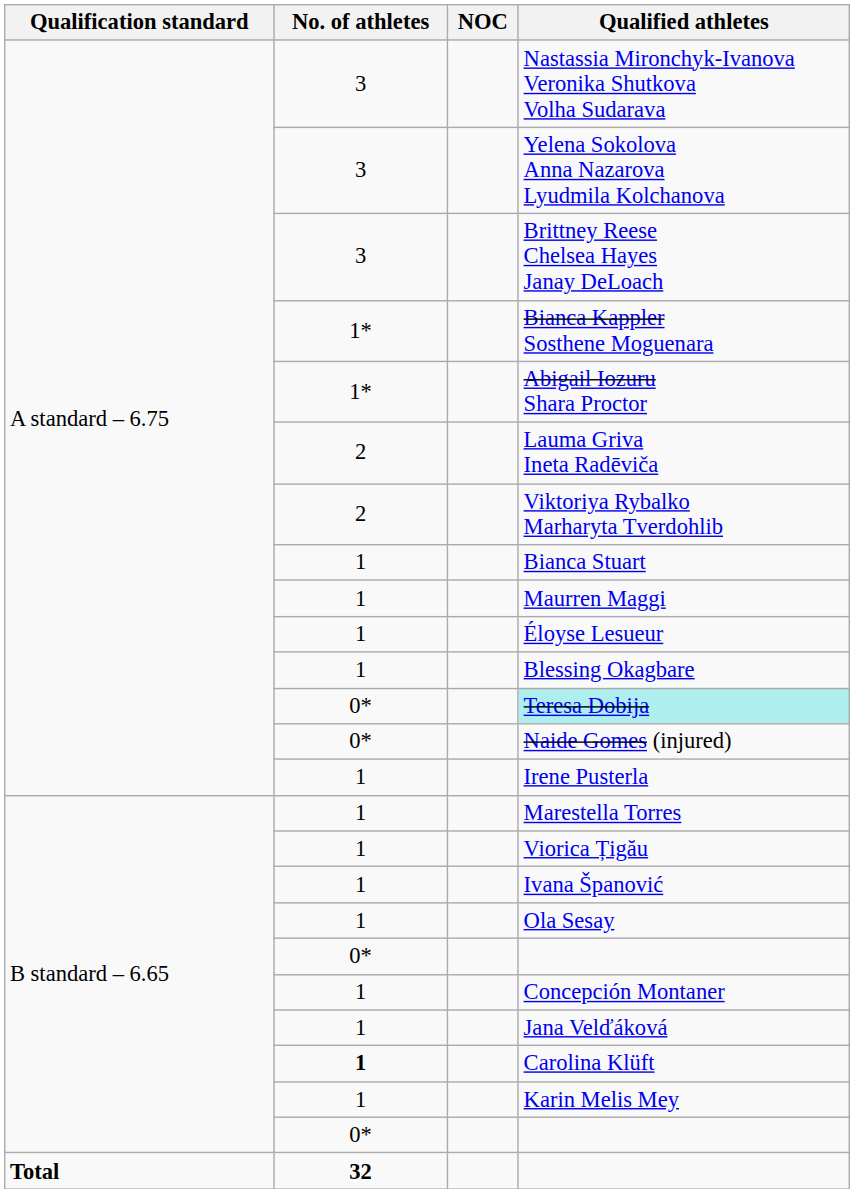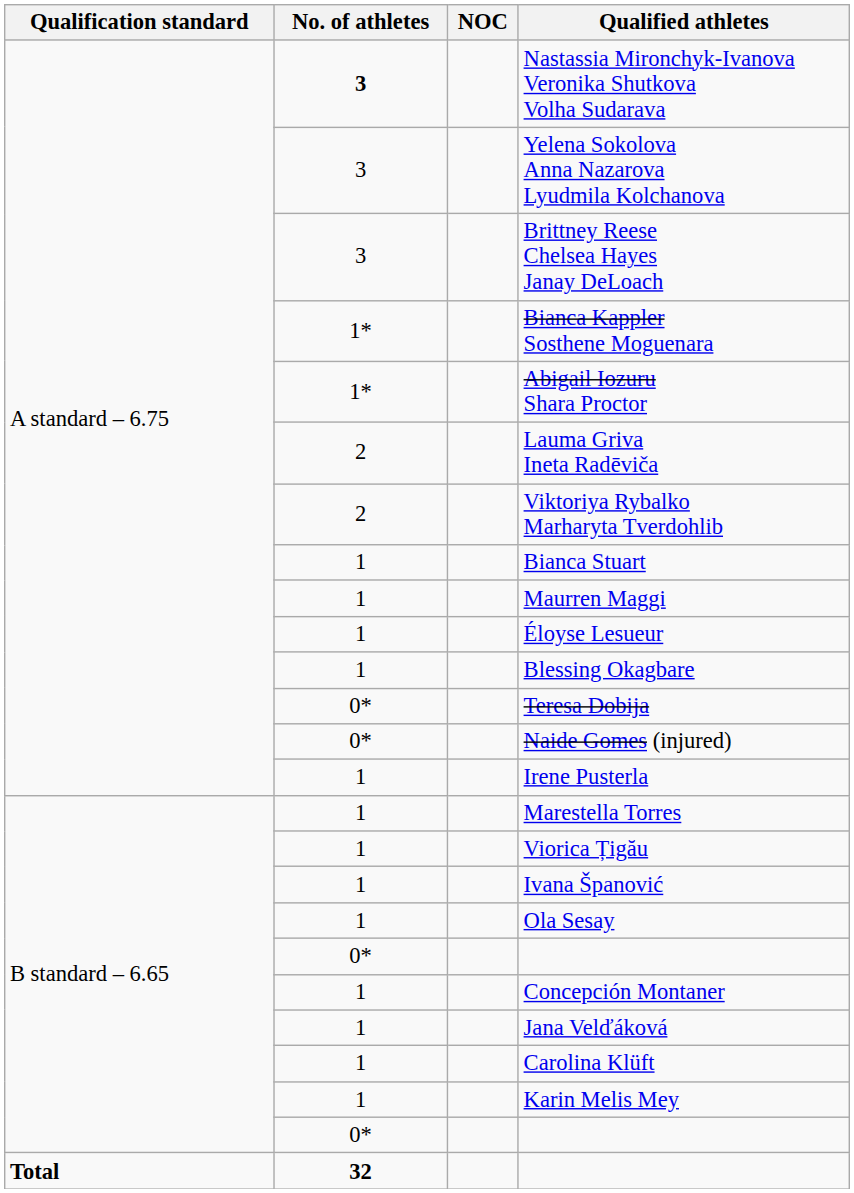 <table class="wikitable"  style="text-align:left; width:600px;">
 <tr>
 <th>Qualification standard</th>
 <th>No. of athletes</th>
 <th>NOC</th>
 <th>Qualified athletes</th>
 </tr>
 <tr>
 <td rowspan="14">A standard – 6.75</td>
-<td align=center>3</td>
+<td align=center><strong>3</strong></td>
 <td></td>
 <td><a href='#'>Nastassia Mironchyk-Ivanova</a><br><a href='#'>Veronika Shutkova</a><br><a href='#'>Volha Sudarava</a></td>
 </tr>
 <tr>
 <td align=center>3</td>
 <td></td>
 <td><a href='#'>Yelena Sokolova</a><br><a href='#'>Anna Nazarova</a><br><a href='#'>Lyudmila Kolchanova</a></td>
 </tr>
 <tr>
 <td align=center>3</td>
 <td></td>
 <td><a href='#'>Brittney Reese</a><br><a href='#'>Chelsea Hayes</a><br><a href='#'>Janay DeLoach</a></td>
 </tr>
 <tr>
 <td align=center>1*</td>
 <td> </td>
 <td><s><a href='#'>Bianca Kappler</a></s><br><a href='#'>Sosthene Moguenara</a></td>
 </tr>
 <tr>
 <td align=center>1*</td>
 <td></td>
 <td><s><a href='#'>Abigail Iozuru</a></s><br><a href='#'>Shara Proctor</a></td>
 </tr>
 <tr>
 <td align=center>2</td>
 <td></td>
 <td><a href='#'>Lauma Griva</a><br><a href='#'>Ineta Radēviča</a></td>
 </tr>
 <tr>
 <td align=center>2</td>
 <td></td>
 <td><a href='#'>Viktoriya Rybalko</a><br><a href='#'>Marharyta Tverdohlib</a></td>
 </tr>
 <tr>
 <td align=center>1</td>
 <td></td>
 <td><a href='#'>Bianca Stuart</a></td>
 </tr>
 <tr>
 <td align=center>1</td>
 <td></td>
 <td><a href='#'>Maurren Maggi</a></td>
 </tr>
 <tr>
 <td align=center>1</td>
 <td></td>
 <td><a href='#'>Éloyse Lesueur</a></td>
 </tr>
 <tr>
 <td align=center>1</td>
 <td></td>
 <td><a href='#'>Blessing Okagbare</a></td>
 </tr>
 <tr>
 <td align=center>0*</td>
 <td></td>
-<td style="background: paleturquoise;"><s><a href='#'>Teresa Dobija</a></s></td>
+<td><s><a href='#'>Teresa Dobija</a></s></td>
 </tr>
 <tr>
 <td align=center>0*</td>
 <td></td>
 <td><s><a href='#'>Naide Gomes</a></s> (injured)</td>
 </tr>
 <tr>
 <td align=center>1</td>
 <td></td>
 <td><a href='#'>Irene Pusterla</a></td>
 </tr>
 <tr>
 <td rowspan="10">B standard – 6.65</td>
 <td align=center>1</td>
 <td></td>
 <td><a href='#'>Marestella Torres</a></td>
 </tr>
 <tr>
 <td align=center>1</td>
 <td></td>
 <td><a href='#'>Viorica Țigău</a></td>
 </tr>
 <tr>
 <td align=center>1</td>
 <td></td>
 <td><a href='#'>Ivana Španović</a></td>
 </tr>
 <tr>
 <td align=center>1</td>
 <td></td>
 <td><a href='#'>Ola Sesay</a></td>
 </tr>
 <tr>
 <td align=center>0*</td>
 <td><s></s></td>
 <td></td>
 </tr>
 <tr>
 <td align=center>1</td>
 <td></td>
 <td><a href='#'>Concepción Montaner</a></td>
 </tr>
 <tr>
 <td align=center>1</td>
 <td></td>
 <td><a href='#'>Jana Velďáková</a></td>
 </tr>
 <tr>
-<td align=center><strong>1</strong></td>
+<td align=center>1</td>
 <td></td>
 <td><a href='#'>Carolina Klüft</a></td>
 </tr>
 <tr>
 <td align=center>1</td>
 <td></td>
 <td><a href='#'>Karin Melis Mey</a></td>
 </tr>
 <tr>
 <td align=center>0*</td>
 <td><s></s></td>
 <td></td>
 </tr>
 <tr>
 <td><strong>Total</strong></td>
 <td align=center><strong>32</strong></td>
 <td></td>
 <td></td>
 </tr>
 </table>
